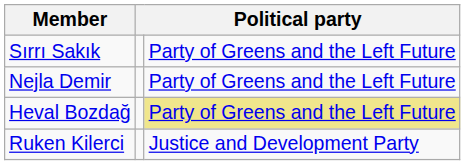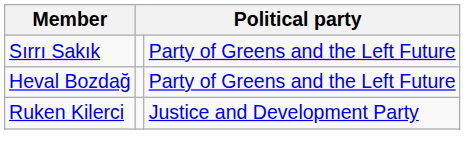 <table class="wikitable sortable">
 <tr>
 <th>Member</th>
 <th colspan="2">Political party</th>
 </tr>
 <tr>
 <td><a href='#'>Sırrı Sakık</a></td>
 <td style="background:"></td>
 <td><a href='#'>Party of Greens and the Left Future</a></td>
 </tr>
 <tr>
-<td><a href='#'>Nejla Demir</a></td>
+<td><a href='#'>Heval Bozdağ</a></td>
 <td style="background:"></td>
 <td><a href='#'>Party of Greens and the Left Future</a></td>
-</tr>
-<tr>
-<td><a href='#'>Heval Bozdağ</a></td>
-<td style="background:"></td>
-<td style="background: khaki;"><a href='#'>Party of Greens and the Left Future</a></td>
 </tr>
 <tr>
 <td><a href='#'>Ruken Kilerci</a></td>
 <td style="background:"></td>
 <td><a href='#'>Justice and Development Party</a></td>
 </tr>
 </table>
